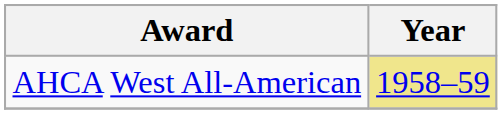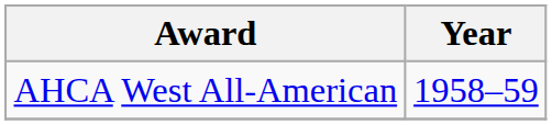 <table class="wikitable">
 <tr>
 <th>Award</th>
 <th>Year</th>
 </tr>
 <tr>
 <td><a href='#'>AHCA</a> <a href='#'>West All-American</a></td>
-<td style="background: khaki;"><a href='#'>1958–59</a></td>
+<td><a href='#'>1958–59</a></td>
 </tr>
 <tr>
 </tr>
 </table>
